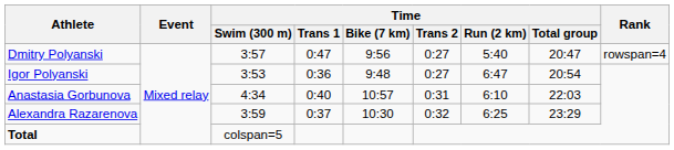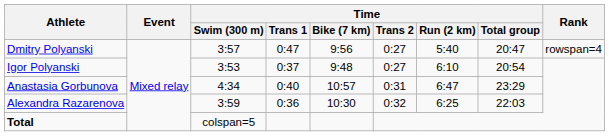 <table class=wikitable style="font-size:90%; text-align:center">
 <tr>
 <th rowspan=2>Athlete</th>
 <th rowspan=2>Event</th>
 <th colspan=6>Time</th>
 <th rowspan=2>Rank</th>
 </tr>
 <tr style="font-size:95%">
 <th>Swim (300 m)</th>
 <th>Trans 1</th>
 <th>Bike (7 km)</th>
 <th>Trans 2</th>
 <th>Run (2 km)</th>
 <th>Total group</th>
 </tr>
 <tr>
 <td align=left><a href='#'>Dmitry Polyanski</a></td>
 <td align=left rowspan=5><a href='#'>Mixed relay</a></td>
 <td>3:57</td>
 <td>0:47</td>
 <td>9:56</td>
 <td>0:27</td>
 <td>5:40</td>
 <td>20:47</td>
 <td>rowspan=4 </td>
 </tr>
 <tr>
 <td align=left><a href='#'>Igor Polyanski</a></td>
 <td>3:53</td>
-<td>0:36</td>
+<td>0:37</td>
 <td>9:48</td>
 <td>0:27</td>
-<td>6:47</td>
+<td>6:10</td>
 <td>20:54</td>
 </tr>
 <tr>
 <td align=left><a href='#'>Anastasia Gorbunova</a></td>
 <td>4:34</td>
 <td>0:40</td>
 <td>10:57</td>
 <td>0:31</td>
-<td>6:10</td>
-<td>22:03</td>
+<td>6:47</td>
+<td>23:29</td>
 </tr>
 <tr>
 <td align=left><a href='#'>Alexandra Razarenova</a></td>
 <td>3:59</td>
-<td>0:37</td>
+<td>0:36</td>
 <td>10:30</td>
 <td>0:32</td>
 <td>6:25</td>
-<td>23:29</td>
+<td>22:03</td>
 </tr>
 <tr>
 <td align=left><strong>Total</strong></td>
 <td>colspan=5 </td>
 <td></td>
 <td></td>
 </tr>
 </table>
